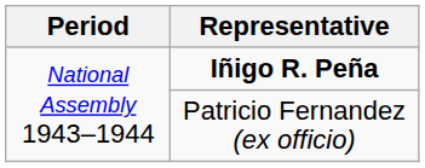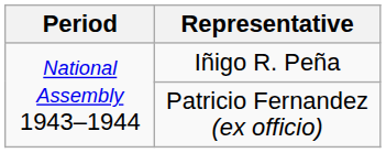 <table class="wikitable" style="text-align:center; width:40%;">
 <tr>
 <th width="40%">Period</th>
 <th>Representative</th>
 </tr>
 <tr>
 <td rowspan="2"><small><a href='#'><em>National Assembly</em></a></small><br>1943–1944</td>
-<td><strong>Iñigo R. Peña</strong></td>
+<td>Iñigo R. Peña</td>
 </tr>
 <tr>
 <td>Patricio Fernandez <em>(ex officio)</em></td>
 </tr>
 </table>
